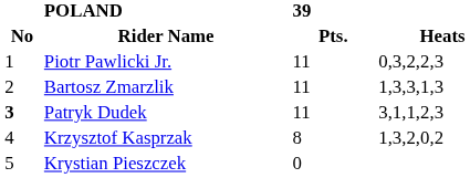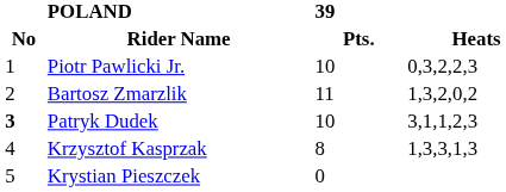 <table class="toccolours">
 <tr>
 <td></td>
 <td><strong>POLAND</strong></td>
 <td><strong>39</strong></td>
 </tr>
 <tr style="background-color:">
 <th width=30px>No</th>
 <th width=210px>Rider Name</th>
 <th width=70px>Pts.</th>
 <th width=110px>Heats</th>
 </tr>
 <tr style="background-color:">
 <td>1</td>
 <td><a href='#'>Piotr Pawlicki Jr.</a></td>
-<td>11</td>
+<td>10</td>
 <td>0,3,2,2,3</td>
 </tr>
 <tr style="background-color:">
 <td>2</td>
 <td><a href='#'>Bartosz Zmarzlik</a></td>
 <td>11</td>
-<td>1,3,3,1,3</td>
+<td>1,3,2,0,2</td>
 </tr>
 <tr style="background-color:">
 <td><strong>3</strong></td>
 <td><a href='#'>Patryk Dudek</a></td>
-<td>11</td>
+<td>10</td>
 <td>3,1,1,2,3</td>
 </tr>
 <tr style="background-color:">
 <td>4</td>
 <td><a href='#'>Krzysztof Kasprzak</a></td>
 <td>8</td>
-<td>1,3,2,0,2</td>
+<td>1,3,3,1,3</td>
 </tr>
 <tr style="background-color:">
 <td>5</td>
 <td><a href='#'>Krystian Pieszczek</a></td>
 <td>0</td>
 <td></td>
 </tr>
 </table>
